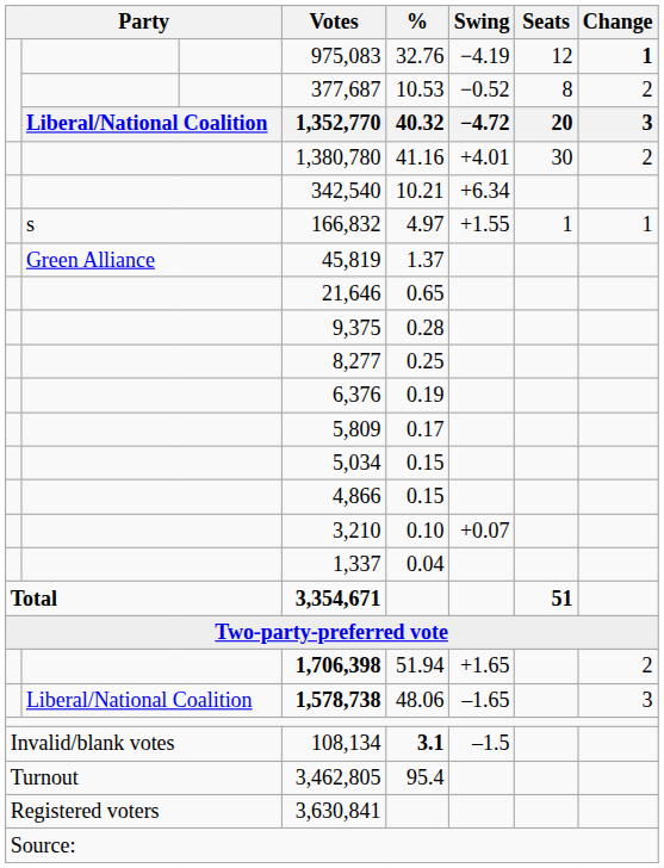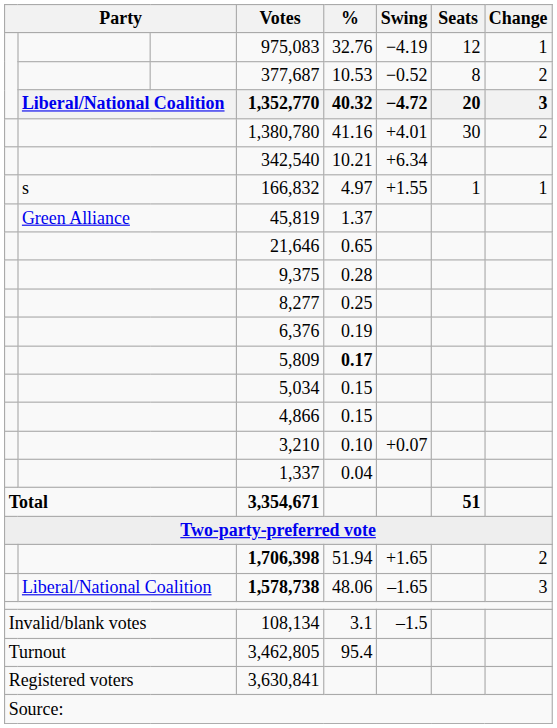 <table class="wikitable">
 <tr>
 <th colspan="3" style="width:200px"><strong>Party</strong></th>
 <th style="width:70px; text-align:center;"><strong>Votes</strong></th>
 <th style="width:40px; text-align:center;"><strong>%</strong></th>
 <th style="width:40px; text-align:center;"><strong>Swing</strong></th>
 <th style="width:40px; text-align:center;"><strong>Seats</strong></th>
 <th style="width:40px; text-align:center;"><strong>Change</strong></th>
 </tr>
 <tr>
 <td rowspan="3"> </td>
 <td> </td>
 <td></td>
 <td align=right>975,083</td>
 <td align=right>32.76</td>
 <td align=right>−4.19</td>
 <td align=right>12</td>
-<td align=right><strong> 1</strong></td>
+<td align=right> 1</td>
 </tr>
 <tr>
 <td> </td>
 <td></td>
 <td align=right>377,687</td>
 <td align=right>10.53</td>
 <td align=right>−0.52</td>
 <td align=right>8</td>
 <td align=right> 2</td>
 </tr>
 <tr>
 <th colspan="2" style="text-align:left;"><a href='#'>Liberal/National Coalition</a></th>
 <th style="text-align:right;">1,352,770</th>
 <th style="text-align:right;">40.32</th>
 <th style="text-align:right;">−4.72</th>
 <th style="text-align:right;">20</th>
 <th style="text-align:right;"> 3</th>
 </tr>
 <tr>
 <td> </td>
 <td colspan=2></td>
 <td align=right>1,380,780</td>
 <td align=right>41.16</td>
 <td align=right>+4.01</td>
 <td align=right>30</td>
 <td align=right> 2</td>
 </tr>
 <tr>
 <td> </td>
 <td colspan=2></td>
 <td align=right>342,540</td>
 <td align=right>10.21</td>
 <td align=right>+6.34</td>
 <td align=right></td>
 <td align=right></td>
 </tr>
 <tr>
 <td> </td>
 <td colspan=2>s</td>
 <td align=right>166,832</td>
 <td align=right>4.97</td>
 <td align=right>+1.55</td>
 <td align=right>1</td>
 <td align=right> 1</td>
 </tr>
 <tr>
 <td> </td>
 <td colspan=2><a href='#'>Green Alliance</a></td>
 <td align=right>45,819</td>
 <td align=right>1.37</td>
 <td align=right></td>
 <td align=right></td>
 <td align=right></td>
 </tr>
 <tr>
 <td> </td>
 <td colspan=2></td>
 <td align=right>21,646</td>
 <td align=right>0.65</td>
 <td align=right></td>
 <td align=right></td>
 <td align=right></td>
 </tr>
 <tr>
 <td> </td>
 <td colspan=2></td>
 <td align=right>9,375</td>
 <td align=right>0.28</td>
 <td align=right></td>
 <td align=right></td>
 <td align=right></td>
 </tr>
 <tr>
 <td> </td>
 <td colspan=2></td>
 <td align=right>8,277</td>
 <td align=right>0.25</td>
 <td align=right></td>
 <td align=right></td>
 <td align=right></td>
 </tr>
 <tr>
 <td> </td>
 <td colspan=2></td>
 <td align=right>6,376</td>
 <td align=right>0.19</td>
 <td align=right></td>
 <td align=right></td>
 <td align=right></td>
 </tr>
 <tr>
 <td> </td>
 <td colspan=2></td>
 <td align=right>5,809</td>
-<td align=right>0.17</td>
+<td align=right><strong>0.17</strong></td>
 <td align=right></td>
 <td align=right></td>
 <td align=right></td>
 </tr>
 <tr>
 <td> </td>
 <td colspan=2></td>
 <td align=right>5,034</td>
 <td align=right>0.15</td>
 <td align=right></td>
 <td align=right></td>
 <td align=right></td>
 </tr>
 <tr>
 <td> </td>
 <td colspan=2></td>
 <td align=right>4,866</td>
 <td align=right>0.15</td>
 <td align=right></td>
 <td align=right></td>
 <td align=right></td>
 </tr>
 <tr>
 <td> </td>
 <td colspan=2></td>
 <td align=right>3,210</td>
 <td align=right>0.10</td>
 <td align=right>+0.07</td>
 <td align=right></td>
 <td align=right></td>
 </tr>
 <tr>
 <td> </td>
 <td colspan=2></td>
 <td align=right>1,337</td>
 <td align=right>0.04</td>
 <td align=right></td>
 <td align=right></td>
 <td align=right></td>
 </tr>
 <tr>
 <td colspan="3" align="left"><strong>Total</strong></td>
 <td align=right><strong>3,354,671</strong></td>
 <td align=right></td>
 <td align=right></td>
 <td align=right><strong>51</strong></td>
 <td align=right></td>
 </tr>
 <tr>
 <td colspan="8" style="text-align:center; background:#eee;"><strong><a href='#'>Two-party-preferred vote</a></strong></td>
 </tr>
 <tr>
 <td> </td>
 <td colspan=2></td>
 <td align=right><strong>1,706,398</strong></td>
 <td align=right>51.94</td>
 <td align=right>+1.65</td>
 <td align=right></td>
 <td align=right> 2</td>
 </tr>
 <tr>
 <td> </td>
 <td colspan=2><a href='#'>Liberal/National Coalition</a></td>
 <td align=right><strong>1,578,738</strong></td>
 <td align=right>48.06</td>
 <td align=right>–1.65</td>
 <td align=right></td>
 <td align=right> 3</td>
 </tr>
 <tr>
 <td colspan="8"></td>
 </tr>
 <tr>
 <td colspan="3" style="text-align:left;">Invalid/blank votes</td>
 <td align="right">108,134</td>
-<td align="right"><strong>3.1</strong></td>
+<td align="right">3.1</td>
 <td align="right">–1.5</td>
 <td></td>
 <td></td>
 </tr>
 <tr>
 <td colspan="3" style="text-align:left;">Turnout</td>
 <td align="right">3,462,805</td>
 <td align="right">95.4</td>
 <td align="right"></td>
 <td></td>
 <td></td>
 </tr>
 <tr>
 <td colspan="3" style="text-align:left;">Registered voters</td>
 <td align="right">3,630,841</td>
 <td></td>
 <td></td>
 <td></td>
 <td></td>
 </tr>
 <tr>
 <td colspan="8" align="left">Source: </td>
 </tr>
 </table>
